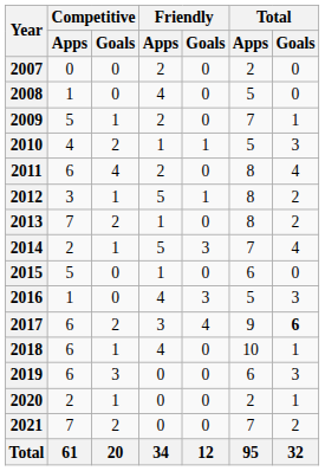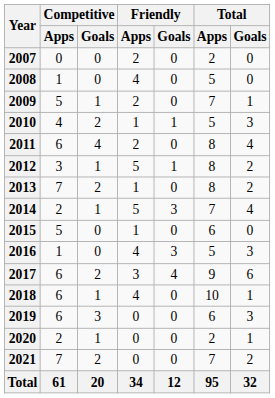 <table class="wikitable" style="text-align:center">
 <tr>
 <th rowspan="2">Year</th>
 <th colspan="2">Competitive</th>
 <th colspan="2">Friendly</th>
 <th colspan="2">Total</th>
 </tr>
 <tr>
 <th>Apps</th>
 <th>Goals</th>
 <th>Apps</th>
 <th>Goals</th>
 <th>Apps</th>
 <th>Goals</th>
 </tr>
 <tr>
 <th scope=row>2007</th>
 <td>0</td>
 <td>0</td>
 <td>2</td>
 <td>0</td>
 <td>2</td>
 <td>0</td>
 </tr>
 <tr>
 <th scope=row>2008</th>
 <td>1</td>
 <td>0</td>
 <td>4</td>
 <td>0</td>
 <td>5</td>
 <td>0</td>
 </tr>
 <tr>
 <th scope=row>2009</th>
 <td>5</td>
 <td>1</td>
 <td>2</td>
 <td>0</td>
 <td>7</td>
 <td>1</td>
 </tr>
 <tr>
 <th scope=row>2010</th>
 <td>4</td>
 <td>2</td>
 <td>1</td>
 <td>1</td>
 <td>5</td>
 <td>3</td>
 </tr>
 <tr>
 <th scope=row>2011</th>
 <td>6</td>
 <td>4</td>
 <td>2</td>
 <td>0</td>
 <td>8</td>
 <td>4</td>
 </tr>
 <tr>
 <th scope=row>2012</th>
 <td>3</td>
 <td>1</td>
 <td>5</td>
 <td>1</td>
 <td>8</td>
 <td>2</td>
 </tr>
 <tr>
 <th scope=row>2013</th>
 <td>7</td>
 <td>2</td>
 <td>1</td>
 <td>0</td>
 <td>8</td>
 <td>2</td>
 </tr>
 <tr>
 <th scope=row>2014</th>
 <td>2</td>
 <td>1</td>
 <td>5</td>
 <td>3</td>
 <td>7</td>
 <td>4</td>
 </tr>
 <tr>
 <th scope=row>2015</th>
 <td>5</td>
 <td>0</td>
 <td>1</td>
 <td>0</td>
 <td>6</td>
 <td>0</td>
 </tr>
 <tr>
 <th scope=row>2016</th>
 <td>1</td>
 <td>0</td>
 <td>4</td>
 <td>3</td>
 <td>5</td>
 <td>3</td>
 </tr>
 <tr>
 <th scope=row>2017</th>
 <td>6</td>
 <td>2</td>
 <td>3</td>
 <td>4</td>
 <td>9</td>
-<td><strong>6</strong></td>
+<td>6</td>
 </tr>
 <tr>
 <th scope=row>2018</th>
 <td>6</td>
 <td>1</td>
 <td>4</td>
 <td>0</td>
 <td>10</td>
 <td>1</td>
 </tr>
 <tr>
 <th scope=row>2019</th>
 <td>6</td>
 <td>3</td>
 <td>0</td>
 <td>0</td>
 <td>6</td>
 <td>3</td>
 </tr>
 <tr>
 <th scope=row>2020</th>
 <td>2</td>
 <td>1</td>
 <td>0</td>
 <td>0</td>
 <td>2</td>
 <td>1</td>
 </tr>
 <tr>
 <th scope=row>2021</th>
 <td>7</td>
 <td>2</td>
 <td>0</td>
 <td>0</td>
 <td>7</td>
 <td>2</td>
 </tr>
 <tr>
 <th>Total</th>
 <th>61</th>
 <th>20</th>
 <th>34</th>
 <th>12</th>
 <th>95</th>
 <th>32</th>
 </tr>
 </table>
